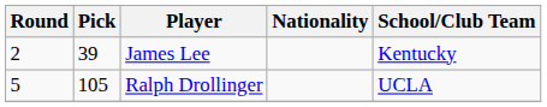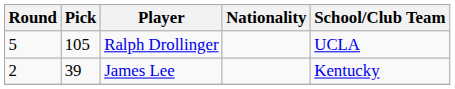 <table class="wikitable sortable sortable">
 <tr>
 <th>Round</th>
 <th>Pick</th>
 <th>Player</th>
 <th>Nationality</th>
 <th>School/Club Team</th>
 </tr>
 <tr>
+<td>5</td>
+<td>105</td>
+<td><a href='#'>Ralph Drollinger</a></td>
+<td></td>
+<td><a href='#'>UCLA</a></td>
+</tr>
+<tr>
 <td>2</td>
 <td>39</td>
 <td><a href='#'>James Lee</a></td>
 <td></td>
 <td><a href='#'>Kentucky</a></td>
 </tr>
 <tr>
-<td>5</td>
-<td>105</td>
-<td><a href='#'>Ralph Drollinger</a></td>
-<td></td>
-<td><a href='#'>UCLA</a></td>
-</tr>
-<tr>
 </tr>
 </table>
